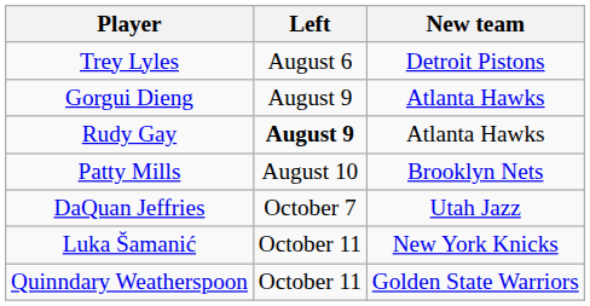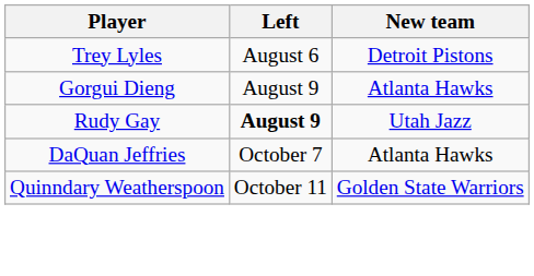 <table class="wikitable sortable sortable" style="text-align: center">
 <tr>
 <th>Player</th>
 <th>Left</th>
 <th>New team</th>
 </tr>
 <tr style="text-align: center">
 <td><a href='#'>Trey Lyles</a></td>
 <td>August 6</td>
 <td><a href='#'>Detroit Pistons</a></td>
 </tr>
 <tr style="text-align: center">
 <td><a href='#'>Gorgui Dieng</a></td>
 <td>August 9</td>
 <td><a href='#'>Atlanta Hawks</a></td>
 </tr>
 <tr style="text-align: center">
 <td><a href='#'>Rudy Gay</a></td>
 <td><strong>August 9</strong></td>
-<td>Atlanta Hawks</td>
-</tr>
-<tr style="text-align: center">
-<td><a href='#'>Patty Mills</a></td>
-<td>August 10</td>
-<td><a href='#'>Brooklyn Nets</a></td>
+<td><a href='#'>Utah Jazz</a></td>
 </tr>
 <tr style="text-align: center">
 <td><a href='#'>DaQuan Jeffries</a></td>
 <td>October 7</td>
-<td><a href='#'>Utah Jazz</a></td>
-</tr>
-<tr style="text-align: center">
-<td><a href='#'>Luka Šamanić</a></td>
-<td>October 11</td>
-<td><a href='#'>New York Knicks</a></td>
+<td>Atlanta Hawks</td>
 </tr>
 <tr style="text-align: center">
 <td><a href='#'>Quinndary Weatherspoon</a></td>
 <td>October 11</td>
 <td><a href='#'>Golden State Warriors</a></td>
 </tr>
 </table>
